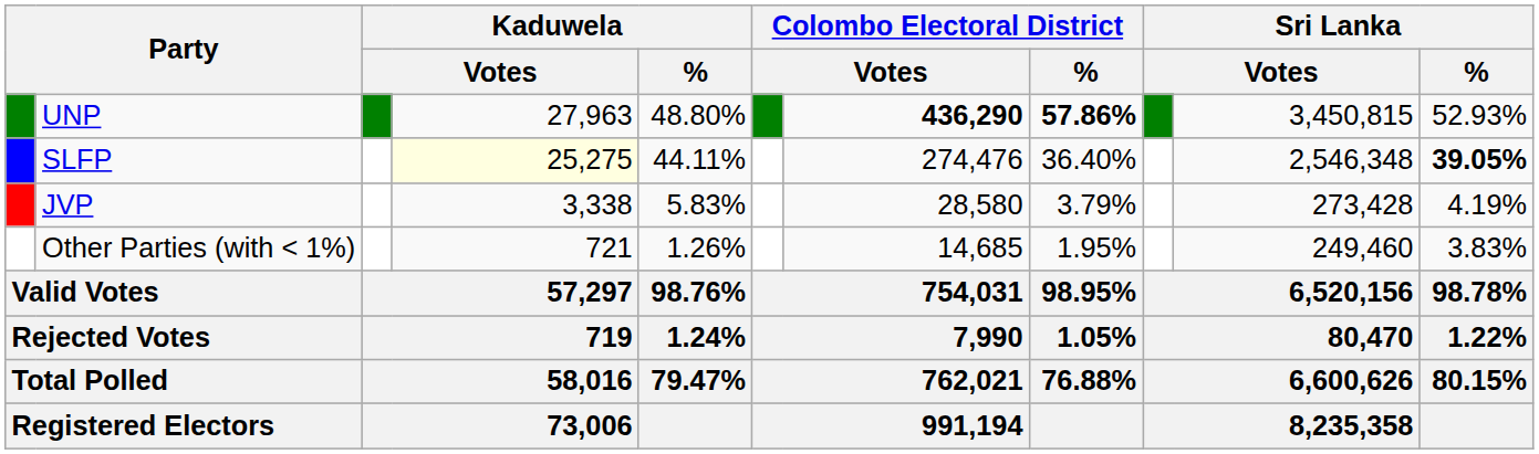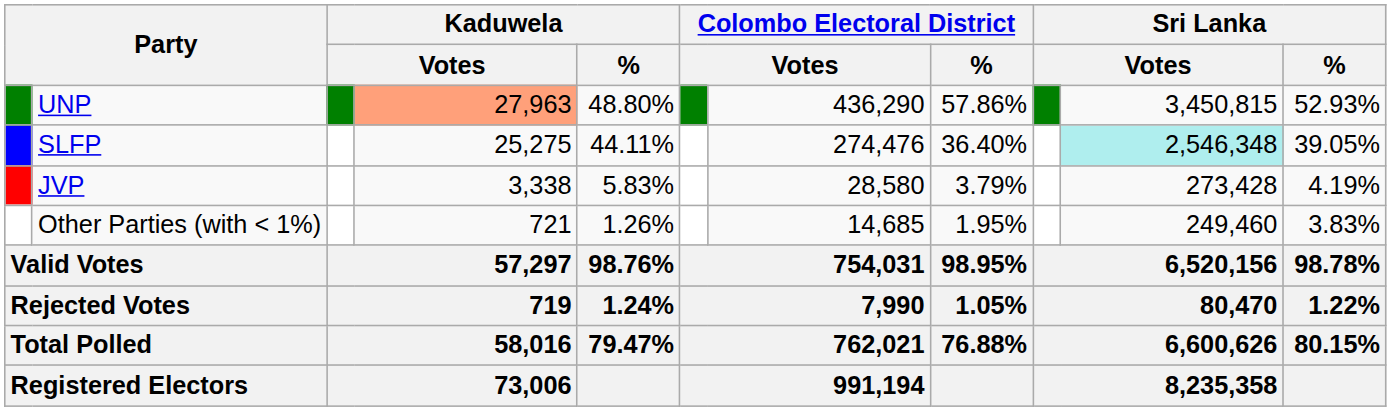 <table class="wikitable">
 <tr>
 <th colspan="2" width="144px"rowspan="2">Party</th>
 <th colspan="3" width="216px">Kaduwela</th>
 <th colspan="3" width="216px"><a href='#'>Colombo Electoral District</a></th>
 <th colspan="3" width="216px">Sri Lanka</th>
 </tr>
 <tr>
 <th colspan="2" width="144px">Votes</th>
 <th>%</th>
 <th colspan="2" width="144px">Votes</th>
 <th>%</th>
 <th colspan="2" width="144px">Votes</th>
 <th>%</th>
 </tr>
 <tr>
 <td style="background-color:green;" width="10px"></td>
 <td style="text-align:left;"><a href='#'>UNP</a></td>
 <td style="background-color:green;" width="10px"></td>
-<td style="text-align:right;">27,963</td>
+<td style="background: lightsalmon; text-align:right;">27,963</td>
 <td style="text-align:right;">48.80%</td>
 <td style="background-color:green;" width="10px"></td>
-<td style="text-align:right;"><strong>436,290</strong></td>
-<td style="text-align:right;"><strong>57.86%</strong></td>
+<td style="text-align:right;">436,290</td>
+<td style="text-align:right;">57.86%</td>
 <td style="background-color:green;" width="10px"></td>
 <td style="text-align:right;">3,450,815</td>
 <td style="text-align:right;">52.93%</td>
 </tr>
 <tr>
 <td style="background-color:blue;" width="10px"></td>
 <td style="text-align:left;"><a href='#'>SLFP</a></td>
 <td style="background-color:white;" width="10px"></td>
-<td style="background: lightyellow; text-align:right;">25,275</td>
+<td style="text-align:right;">25,275</td>
 <td style="text-align:right;">44.11%</td>
 <td style="background-color:white;" width="10px"></td>
 <td style="text-align:right;">274,476</td>
 <td style="text-align:right;">36.40%</td>
 <td style="background-color:white;" width="10px"></td>
-<td style="text-align:right;">2,546,348</td>
-<td style="text-align:right;"><strong>39.05%</strong></td>
+<td style="background: paleturquoise; text-align:right;">2,546,348</td>
+<td style="text-align:right;">39.05%</td>
 </tr>
 <tr>
 <td style="background-color:red;" width="10px"></td>
 <td style="text-align:left;"><a href='#'>JVP</a></td>
 <td style="background-color:white;" width="10px"></td>
 <td style="text-align:right;">3,338</td>
 <td style="text-align:right;">5.83%</td>
 <td style="background-color:white;" width="10px"></td>
 <td style="text-align:right;">28,580</td>
 <td style="text-align:right;">3.79%</td>
 <td style="background-color:white;" width="10px"></td>
 <td style="text-align:right;">273,428</td>
 <td style="text-align:right;">4.19%</td>
 </tr>
 <tr>
 <td style="background-color:white;" width="10px"></td>
 <td style="text-align:left;">Other Parties (with < 1%)</td>
 <td style="background-color:white;" width="10px"></td>
 <td style="text-align:right;">721</td>
 <td style="text-align:right;">1.26%</td>
 <td style="background-color:white;" width="10px"></td>
 <td style="text-align:right;">14,685</td>
 <td style="text-align:right;">1.95%</td>
 <td style="background-color:white;" width="10px"></td>
 <td style="text-align:right;">249,460</td>
 <td style="text-align:right;">3.83%</td>
 </tr>
 <tr>
 <th colspan="2" width="144px"style="text-align:left;">Valid Votes</th>
 <th style="text-align:right;"colspan="2" width="144px">57,297</th>
 <th style="text-align:right;">98.76%</th>
 <th style="text-align:right;"colspan="2" width="144px">754,031</th>
 <th style="text-align:right;">98.95%</th>
 <th style="text-align:right;"colspan="2" width="144px">6,520,156</th>
 <th style="text-align:right;">98.78%</th>
 </tr>
 <tr>
 <th colspan="2" width="144px"style="text-align:left;">Rejected Votes</th>
 <th style="text-align:right;"colspan="2" width="144px">719</th>
 <th style="text-align:right;">1.24%</th>
 <th style="text-align:right;"colspan="2" width="144px">7,990</th>
 <th style="text-align:right;">1.05%</th>
 <th style="text-align:right;"colspan="2" width="144px">80,470</th>
 <th style="text-align:right;">1.22%</th>
 </tr>
 <tr>
 <th colspan="2" width="144px"style="text-align:left;">Total Polled</th>
 <th style="text-align:right;"colspan="2" width="144px">58,016</th>
 <th style="text-align:right;">79.47%</th>
 <th style="text-align:right;"colspan="2" width="144px">762,021</th>
 <th style="text-align:right;">76.88%</th>
 <th style="text-align:right;"colspan="2" width="144px">6,600,626</th>
 <th style="text-align:right;">80.15%</th>
 </tr>
 <tr>
 <th colspan="2" width="144px"style="text-align:left;">Registered Electors</th>
 <th style="text-align:right;"colspan="2" width="144px">73,006</th>
 <th></th>
 <th style="text-align:right;"colspan="2" width="144px">991,194</th>
 <th></th>
 <th style="text-align:right;"colspan="2" width="144px">8,235,358</th>
 <th></th>
 </tr>
 </table>
